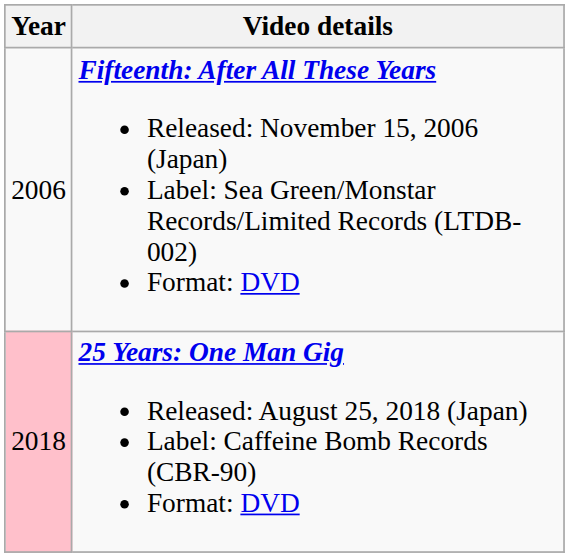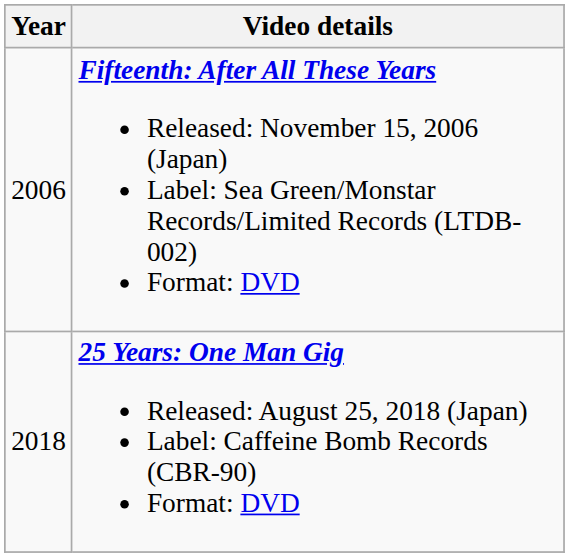 <table class="wikitable" border="1">
 <tr>
 <th>Year</th>
 <th width="280">Video details</th>
 </tr>
 <tr>
 <td>2006</td>
 <td><strong><em><a href='#'>Fifteenth: After All These Years</a></em></strong><br><ul><li>Released: November 15, 2006 (Japan)</li><li>Label: Sea Green/Monstar Records/Limited Records (LTDB-002)</li><li>Format: <a href='#'>DVD</a></li></ul></td>
 </tr>
 <tr>
-<td style="background: pink;">2018</td>
+<td>2018</td>
 <td><strong><em><a href='#'>25 Years: One Man Gig</a></em></strong><br><ul><li>Released: August 25, 2018 (Japan)</li><li>Label: Caffeine Bomb Records (CBR-90)</li><li>Format: <a href='#'>DVD</a></li></ul></td>
 </tr>
 </table>
